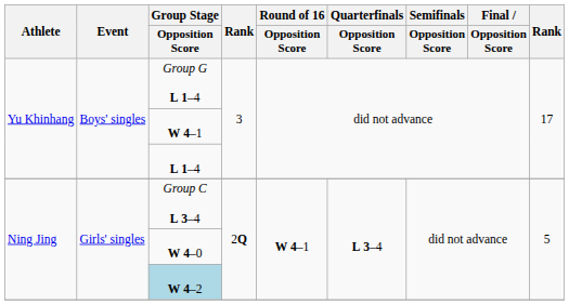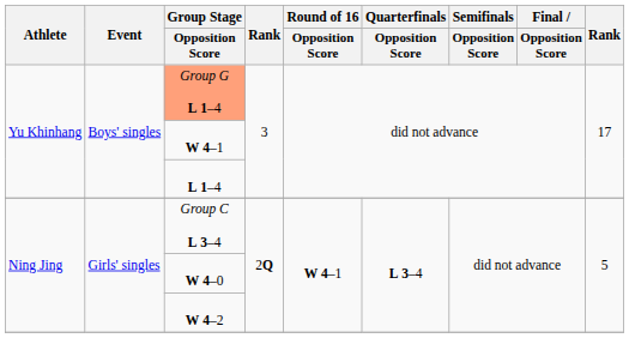 <table class=wikitable style="font-size:90%">
 <tr>
 <th rowspan="2">Athlete</th>
 <th rowspan="2">Event</th>
 <th>Group Stage</th>
 <th rowspan="2">Rank</th>
 <th>Round of 16</th>
 <th>Quarterfinals</th>
 <th>Semifinals</th>
 <th>Final / </th>
 <th rowspan=2>Rank</th>
 </tr>
 <tr style="font-size:95%">
 <th>Opposition<br>Score</th>
 <th>Opposition<br>Score</th>
 <th>Opposition<br>Score</th>
 <th>Opposition<br>Score</th>
 <th>Opposition<br>Score</th>
 </tr>
 <tr align=center>
 <td align=left rowspan=3><a href='#'>Yu Khinhang</a></td>
 <td align=left rowspan=3><a href='#'>Boys' singles</a></td>
-<td><em>Group G</em><br> <br> <strong>L</strong> <strong>1</strong>–4</td>
+<td style="background: lightsalmon;"><em>Group G</em><br> <br> <strong>L</strong> <strong>1</strong>–4</td>
 <td rowspan=3>3</td>
 <td rowspan=3 colspan=4>did not advance</td>
 <td rowspan=3>17</td>
 </tr>
 <tr align=center>
 <td> <br> <strong>W</strong> <strong>4</strong>–1</td>
 </tr>
 <tr align=center>
 <td> <br> <strong>L</strong> <strong>1</strong>–4</td>
 </tr>
 <tr>
 </tr>
 <tr align=center>
 <td align=left rowspan=3><a href='#'>Ning Jing</a></td>
 <td align=left rowspan=3><a href='#'>Girls' singles</a></td>
 <td><em>Group C</em><br> <br> <strong>L</strong> <strong>3</strong>–4</td>
 <td rowspan=3>2<strong>Q</strong></td>
 <td rowspan=3> <br> <strong>W</strong> <strong>4</strong>–1</td>
 <td rowspan=3> <br> <strong>L</strong> <strong>3</strong>–4</td>
 <td rowspan=3 colspan=2>did not advance</td>
 <td rowspan=3>5</td>
 </tr>
 <tr align=center>
 <td> <br> <strong>W</strong> <strong>4</strong>–0</td>
 </tr>
 <tr align=center>
-<td style="background: lightblue;"> <br> <strong>W</strong> <strong>4</strong>–2</td>
+<td> <br> <strong>W</strong> <strong>4</strong>–2</td>
 </tr>
 <tr align=center>
 </tr>
 </table>
